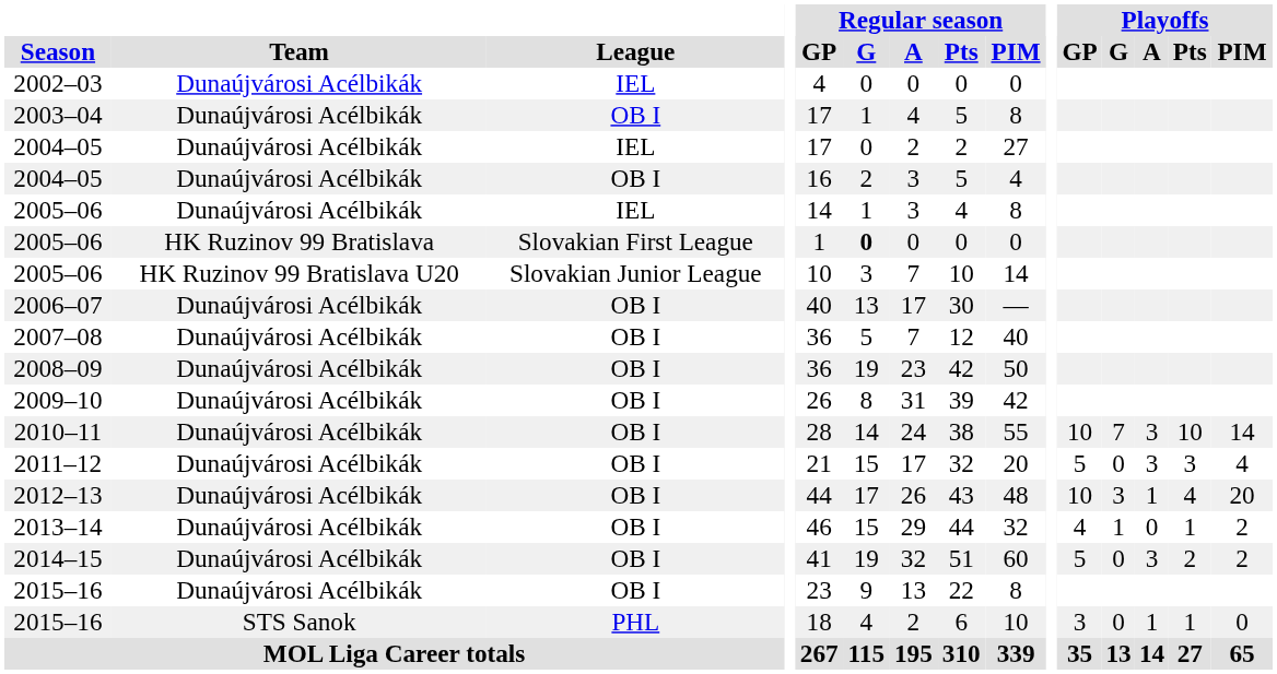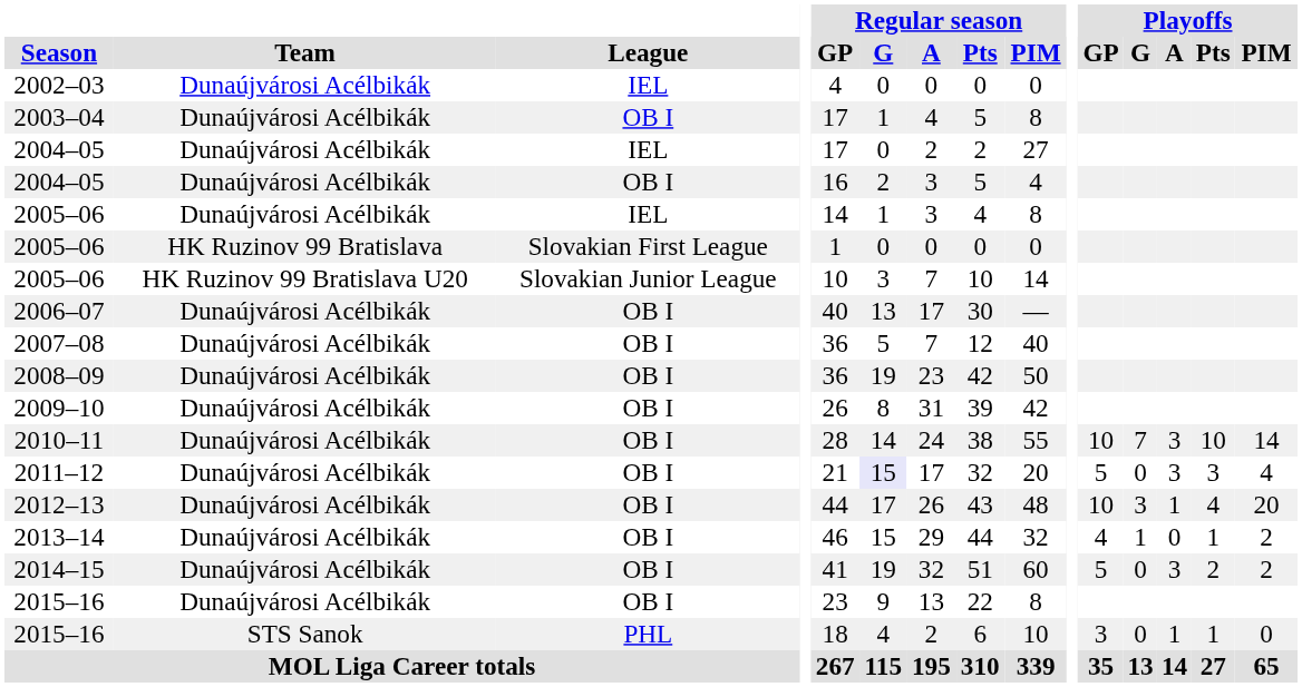 <table border="0" cellpadding="1" cellspacing="0" ID="Table3" style="text-align:center; width:50em">
 <tr bgcolor="#e0e0e0">
 <th colspan="3" bgcolor="#ffffff"> </th>
 <th rowspan="99" bgcolor="#ffffff"> </th>
 <th colspan="5"><a href='#'>Regular season</a></th>
 <th rowspan="99" bgcolor="#ffffff"> </th>
 <th colspan="5"><a href='#'>Playoffs</a></th>
 </tr>
 <tr bgcolor="#e0e0e0">
 <th><a href='#'>Season</a></th>
 <th>Team</th>
 <th>League</th>
 <th>GP</th>
 <th><a href='#'>G</a></th>
 <th><a href='#'>A</a></th>
 <th><a href='#'>Pts</a></th>
 <th><a href='#'>PIM</a></th>
 <th>GP</th>
 <th>G</th>
 <th>A</th>
 <th>Pts</th>
 <th>PIM</th>
 </tr>
 <tr>
 <td>2002–03</td>
 <td><a href='#'>Dunaújvárosi Acélbikák</a></td>
 <td><a href='#'>IEL</a></td>
 <td>4</td>
 <td>0</td>
 <td>0</td>
 <td>0</td>
 <td>0</td>
 <td></td>
 <td></td>
 <td></td>
 <td></td>
 <td></td>
 </tr>
 <tr bgcolor="#f0f0f0">
 <td>2003–04</td>
 <td>Dunaújvárosi Acélbikák</td>
 <td><a href='#'>OB I</a></td>
 <td>17</td>
 <td>1</td>
 <td>4</td>
 <td>5</td>
 <td>8</td>
 <td></td>
 <td></td>
 <td></td>
 <td></td>
 <td></td>
 </tr>
 <tr bgcolor=>
 <td>2004–05</td>
 <td>Dunaújvárosi Acélbikák</td>
 <td>IEL</td>
 <td>17</td>
 <td>0</td>
 <td>2</td>
 <td>2</td>
 <td>27</td>
 <td></td>
 <td></td>
 <td></td>
 <td></td>
 <td></td>
 </tr>
 <tr bgcolor="#f0f0f0">
 <td>2004–05</td>
 <td>Dunaújvárosi Acélbikák</td>
 <td>OB I</td>
 <td>16</td>
 <td>2</td>
 <td>3</td>
 <td>5</td>
 <td>4</td>
 <td></td>
 <td></td>
 <td></td>
 <td></td>
 <td></td>
 </tr>
 <tr>
 <td>2005–06</td>
 <td>Dunaújvárosi Acélbikák</td>
 <td>IEL</td>
 <td>14</td>
 <td>1</td>
 <td>3</td>
 <td>4</td>
 <td>8</td>
 <td></td>
 <td></td>
 <td></td>
 <td></td>
 <td></td>
 </tr>
 <tr bgcolor="#f0f0f0">
 <td>2005–06</td>
 <td>HK Ruzinov 99 Bratislava</td>
 <td>Slovakian First League</td>
 <td>1</td>
-<td><strong>0</strong></td>
+<td>0</td>
 <td>0</td>
 <td>0</td>
 <td>0</td>
 <td></td>
 <td></td>
 <td></td>
 <td></td>
 <td></td>
 </tr>
 <tr>
 <td>2005–06</td>
 <td>HK Ruzinov 99 Bratislava U20</td>
 <td>Slovakian Junior League</td>
 <td>10</td>
 <td>3</td>
 <td>7</td>
 <td>10</td>
 <td>14</td>
 <td></td>
 <td></td>
 <td></td>
 <td></td>
 <td></td>
 </tr>
 <tr bgcolor="#f0f0f0">
 <td>2006–07</td>
 <td>Dunaújvárosi Acélbikák</td>
 <td>OB I</td>
 <td>40</td>
 <td>13</td>
 <td>17</td>
 <td>30</td>
 <td>—</td>
 <td></td>
 <td></td>
 <td></td>
 <td></td>
 <td></td>
 </tr>
 <tr>
 <td>2007–08</td>
 <td>Dunaújvárosi Acélbikák</td>
 <td>OB I</td>
 <td>36</td>
 <td>5</td>
 <td>7</td>
 <td>12</td>
 <td>40</td>
 <td></td>
 <td></td>
 <td></td>
 <td></td>
 <td></td>
 </tr>
 <tr bgcolor="#f0f0f0">
 <td>2008–09</td>
 <td>Dunaújvárosi Acélbikák</td>
 <td>OB I</td>
 <td>36</td>
 <td>19</td>
 <td>23</td>
 <td>42</td>
 <td>50</td>
 <td></td>
 <td></td>
 <td></td>
 <td></td>
 <td></td>
 </tr>
 <tr>
 <td>2009–10</td>
 <td>Dunaújvárosi Acélbikák</td>
 <td>OB I</td>
 <td>26</td>
 <td>8</td>
 <td>31</td>
 <td>39</td>
 <td>42</td>
 <td></td>
 <td></td>
 <td></td>
 <td></td>
 <td></td>
 </tr>
 <tr bgcolor="#f0f0f0">
 <td>2010–11</td>
 <td>Dunaújvárosi Acélbikák</td>
 <td>OB I</td>
 <td>28</td>
 <td>14</td>
 <td>24</td>
 <td>38</td>
 <td>55</td>
 <td>10</td>
 <td>7</td>
 <td>3</td>
 <td>10</td>
 <td>14</td>
 </tr>
 <tr>
 <td>2011–12</td>
 <td>Dunaújvárosi Acélbikák</td>
 <td>OB I</td>
 <td>21</td>
-<td>15</td>
+<td style="background: lavender;">15</td>
 <td>17</td>
 <td>32</td>
 <td>20</td>
 <td>5</td>
 <td>0</td>
 <td>3</td>
 <td>3</td>
 <td>4</td>
 </tr>
 <tr bgcolor="#f0f0f0">
 <td>2012–13</td>
 <td>Dunaújvárosi Acélbikák</td>
 <td>OB I</td>
 <td>44</td>
 <td>17</td>
 <td>26</td>
 <td>43</td>
 <td>48</td>
 <td>10</td>
 <td>3</td>
 <td>1</td>
 <td>4</td>
 <td>20</td>
 </tr>
 <tr>
 <td>2013–14</td>
 <td>Dunaújvárosi Acélbikák</td>
 <td>OB I</td>
 <td>46</td>
 <td>15</td>
 <td>29</td>
 <td>44</td>
 <td>32</td>
 <td>4</td>
 <td>1</td>
 <td>0</td>
 <td>1</td>
 <td>2</td>
 </tr>
 <tr bgcolor="#f0f0f0">
 <td>2014–15</td>
 <td>Dunaújvárosi Acélbikák</td>
 <td>OB I</td>
 <td>41</td>
 <td>19</td>
 <td>32</td>
 <td>51</td>
 <td>60</td>
 <td>5</td>
 <td>0</td>
 <td>3</td>
 <td>2</td>
 <td>2</td>
 </tr>
 <tr>
 <td>2015–16</td>
 <td>Dunaújvárosi Acélbikák</td>
 <td>OB I</td>
 <td>23</td>
 <td>9</td>
 <td>13</td>
 <td>22</td>
 <td>8</td>
 <td></td>
 <td></td>
 <td></td>
 <td></td>
 <td></td>
 </tr>
 <tr bgcolor="#f0f0f0">
 <td>2015–16</td>
 <td>STS Sanok</td>
 <td><a href='#'>PHL</a></td>
 <td>18</td>
 <td>4</td>
 <td>2</td>
 <td>6</td>
 <td>10</td>
 <td>3</td>
 <td>0</td>
 <td>1</td>
 <td>1</td>
 <td>0</td>
 </tr>
 <tr>
 </tr>
 <tr bgcolor="e0e0e0">
 <th colspan="3">MOL Liga Career totals</th>
 <th>267</th>
 <th>115</th>
 <th>195</th>
 <th>310</th>
 <th>339</th>
 <th>35</th>
 <th>13</th>
 <th>14</th>
 <th>27</th>
 <th>65</th>
 </tr>
 </table>
